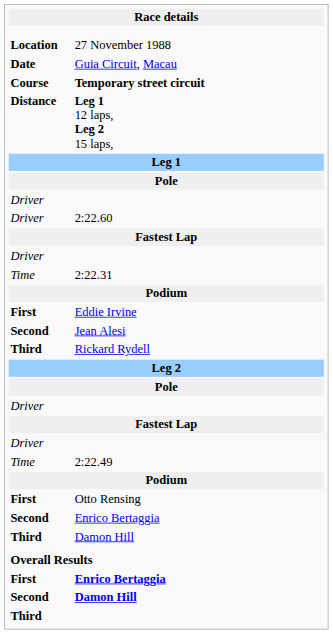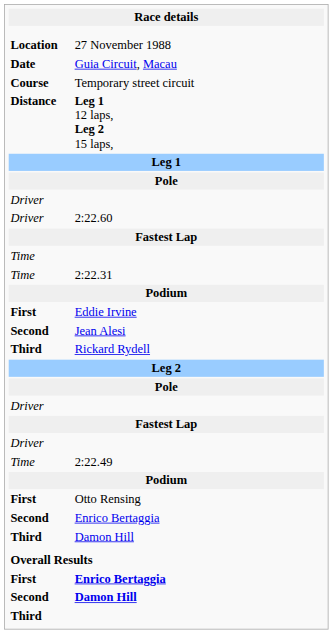 <table class="infobox" align="right" cellpadding="2" style="float:right; width: 26em; ">
 <tr>
 <th colspan="2" bgcolor="#efefef">Race details</th>
 </tr>
 <tr>
 <td colspan="2" style="text-align:center;"></td>
 </tr>
 <tr>
 <td colspan="2" style="text-align:center;"></td>
 </tr>
 <tr>
 <td><strong>Location</strong></td>
 <td>27 November 1988</td>
 </tr>
 <tr>
 <td style="width: 20%;"><strong>Date</strong></td>
 <td><a href='#'>Guia Circuit</a>, <a href='#'>Macau</a></td>
 </tr>
 <tr>
 <td><strong>Course</strong></td>
-<td><strong>Temporary street circuit<br></strong></td>
+<td>Temporary street circuit<br></td>
 </tr>
 <tr>
 <td><strong>Distance</strong></td>
 <td><strong>Leg 1</strong><br>12 laps, <br><strong>Leg 2</strong><br>15 laps, </td>
 </tr>
 <tr>
 <td colspan="2" style="text-align:center; background-color:#99ccff"><strong>Leg 1</strong></td>
 </tr>
 <tr>
 <th colspan="2" bgcolor="#efefef">Pole</th>
 </tr>
 <tr>
 <td><em>Driver</em></td>
 <td></td>
 </tr>
 <tr>
 <td><em>Driver</em></td>
 <td>2:22.60</td>
 </tr>
 <tr>
 <th colspan="2" bgcolor="#efefef">Fastest Lap</th>
 </tr>
 <tr>
-<td><em>Driver</em></td>
+<td><em>Time</em></td>
 <td></td>
 </tr>
 <tr>
 <td><em>Time</em></td>
 <td>2:22.31</td>
 </tr>
 <tr>
 <th colspan="2" bgcolor="#efefef">Podium</th>
 </tr>
 <tr>
 <td><strong>First</strong></td>
 <td> <a href='#'>Eddie Irvine</a></td>
 </tr>
 <tr>
 <td><strong>Second</strong></td>
 <td> <a href='#'>Jean Alesi</a></td>
 </tr>
 <tr>
 <td><strong>Third</strong></td>
 <td> <a href='#'>Rickard Rydell</a></td>
 </tr>
 <tr>
 <td colspan="2" style="text-align:center; background-color:#99ccff"><strong>Leg 2</strong></td>
 </tr>
 <tr>
 <th colspan="2" bgcolor="#efefef">Pole</th>
 </tr>
 <tr>
 <td><em>Driver</em></td>
 <td></td>
 </tr>
 <tr>
 <th colspan="2" bgcolor="#efefef">Fastest Lap</th>
 </tr>
 <tr>
 <td><em>Driver</em></td>
 <td></td>
 </tr>
 <tr>
 <td><em>Time</em></td>
 <td>2:22.49</td>
 </tr>
 <tr>
 <th colspan="2" bgcolor="#efefef">Podium</th>
 </tr>
 <tr>
 <td><strong>First</strong></td>
 <td> Otto Rensing</td>
 </tr>
 <tr>
 <td><strong>Second</strong></td>
 <td> <a href='#'>Enrico Bertaggia</a></td>
 </tr>
 <tr>
 <td><strong>Third</strong></td>
 <td> <a href='#'>Damon Hill</a></td>
 </tr>
 <tr>
 <td></td>
 <td></td>
 </tr>
 <tr>
 <td colspan="2"><strong>Overall Results</strong></td>
 </tr>
 <tr>
 <td><strong>First</strong></td>
 <td><strong> <a href='#'>Enrico Bertaggia</a></strong></td>
 </tr>
 <tr>
 <td><strong>Second</strong></td>
 <td><strong> <a href='#'>Damon Hill</a></strong></td>
 </tr>
 <tr>
 <td><strong>Third</strong></td>
 <td><strong> </strong></td>
 </tr>
 </table>
